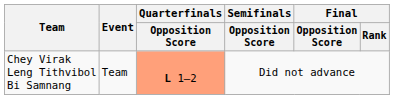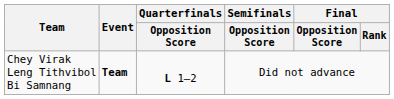 <table class="wikitable" style="font-size:90%">
 <tr>
 <th rowspan=2>Team</th>
 <th rowspan=2>Event</th>
 <th>Quarterfinals</th>
 <th>Semifinals</th>
 <th colspan=2>Final</th>
 </tr>
 <tr style="font-size:95%">
 <th>Opposition<br>Score</th>
 <th>Opposition<br>Score</th>
 <th>Opposition<br>Score</th>
 <th>Rank</th>
 </tr>
 <tr style="text-align:center">
 <td style="text-align:left">Chey Virak<br>Leng Tithvibol<br>Bi Samnang</td>
-<td style="text-align:left">Team</td>
-<td style="background: lightsalmon;"><br><strong>L</strong> 1–2</td>
+<td style="text-align:left"><strong>Team</strong></td>
+<td><br><strong>L</strong> 1–2</td>
 <td colspan=3>Did not advance</td>
 </tr>
 </table>
